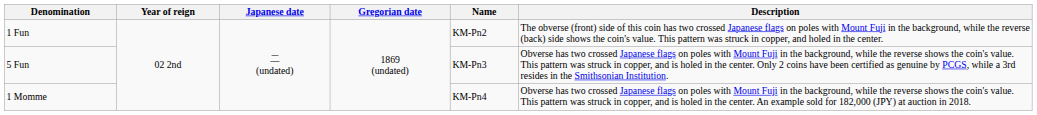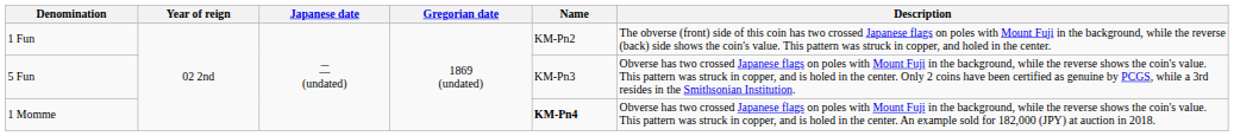 <table class="wikitable sortable" width="85%">
 <tr>
 <th>Denomination</th>
 <th class="unsortable">Year of reign</th>
 <th class="unsortable"><a href='#'>Japanese date</a></th>
 <th class="unsortable"><a href='#'>Gregorian date</a></th>
 <th>Name</th>
 <th class="unsortable" width="50%">Description</th>
 </tr>
 <tr>
 <td>1 Fun</td>
 <td align="center" rowspan=3><span>02</span> 2nd</td>
 <td align="center" rowspan=3>二 <br>(undated)</td>
 <td align="center" rowspan=3>1869 <br>(undated)</td>
 <td>KM-Pn2</td>
 <td>The obverse (front) side of this coin has two crossed <a href='#'>Japanese flags</a> on poles with <a href='#'>Mount Fuji</a> in the background, while the reverse (back) side shows the coin's value. This pattern was struck in copper, and holed in the center.</td>
 </tr>
 <tr>
 <td>5 Fun</td>
 <td>KM-Pn3</td>
 <td>Obverse has two crossed <a href='#'>Japanese flags</a> on poles with <a href='#'>Mount Fuji</a> in the background, while the reverse shows the coin's value. This pattern was struck in copper, and is holed in the center. Only 2 coins have been certified as genuine by <a href='#'>PCGS</a>, while a 3rd resides in the <a href='#'>Smithsonian Institution</a>.</td>
 </tr>
 <tr>
 <td>1 Momme</td>
-<td>KM-Pn4</td>
+<td><strong>KM-Pn4</strong></td>
 <td>Obverse has two crossed <a href='#'>Japanese flags</a> on poles with <a href='#'>Mount Fuji</a> in the background, while the reverse shows the coin's value. This pattern was struck in copper, and is holed in the center. An example sold for 182,000 (JPY) at auction in 2018.</td>
 </tr>
 </table>
